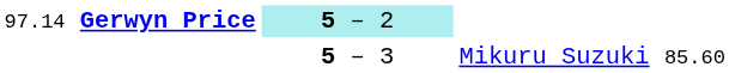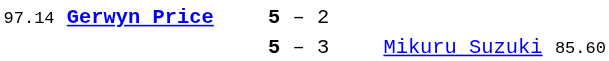 <table style="text-align:center">
 <tr>
 <th width=223></th>
 <th width=100></th>
 <th width=223></th>
 </tr>
 <tr>
 <td align=right><small>97.14</small> <strong><a href='#'>Gerwyn Price</a></strong> </td>
-<td style="background: paleturquoise;"><strong>5</strong> – 2</td>
+<td><strong>5</strong> – 2</td>
 <td align=left></td>
 </tr>
 <tr>
 <td align=right></td>
 <td><strong>5</strong> – 3</td>
 <td align=left> <a href='#'>Mikuru Suzuki</a> <small>85.60</small></td>
 </tr>
 </table>
